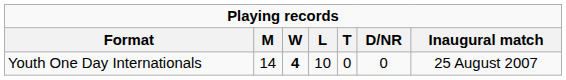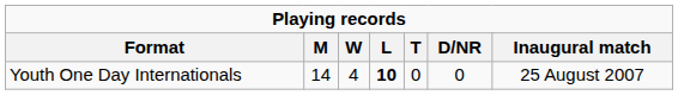 <table class="wikitable" style="text-align: center; width: 600px">
 <tr>
 <td colspan="8" align="center"><strong>Playing records</strong></td>
 </tr>
 <tr>
 <th>Format</th>
 <th>M</th>
 <th>W</th>
 <th>L</th>
 <th>T</th>
 <th>D/NR</th>
 <th>Inaugural match</th>
 </tr>
 <tr>
 <td align="left">Youth One Day Internationals</td>
 <td>14</td>
-<td><strong>4</strong></td>
-<td>10</td>
+<td>4</td>
+<td><strong>10</strong></td>
 <td>0</td>
 <td>0</td>
 <td>25 August 2007</td>
 </tr>
 </table>
